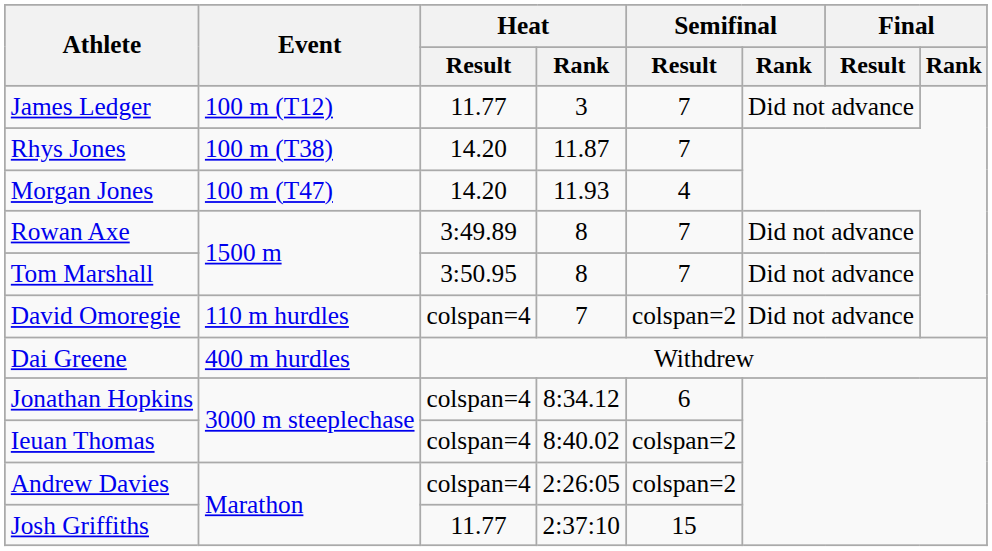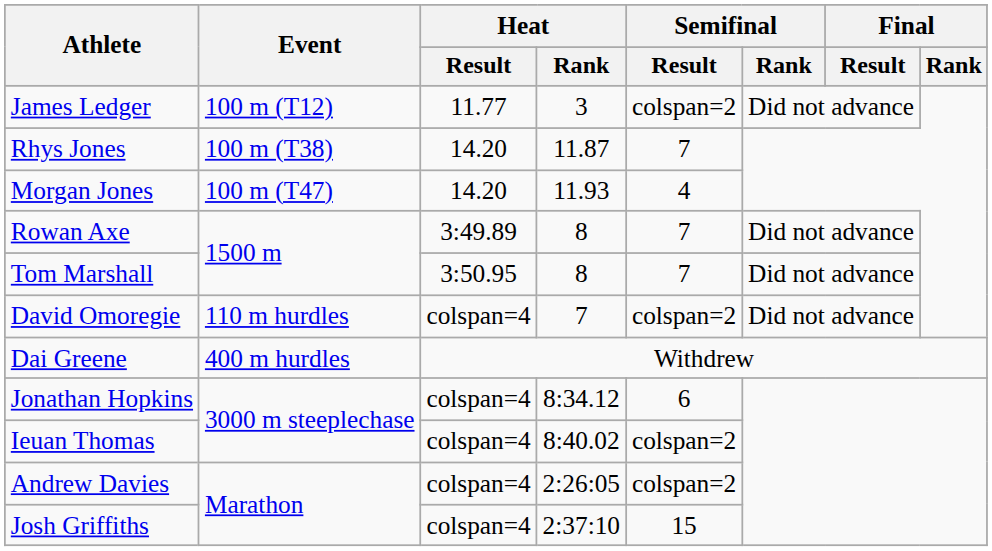 <table class="wikitable" style="font-size:90%">
 <tr>
 <th rowspan=2>Athlete</th>
 <th rowspan=2>Event</th>
 <th colspan=2>Heat</th>
 <th colspan=2>Semifinal</th>
 <th colspan=2>Final</th>
 </tr>
 <tr style="font-size:95%">
 <th>Result</th>
 <th>Rank</th>
 <th>Result</th>
 <th>Rank</th>
 <th>Result</th>
 <th>Rank</th>
 </tr>
 <tr align=center>
 <td align=left><a href='#'>James Ledger</a></td>
 <td align=left><a href='#'>100 m (T12)</a></td>
 <td>11.77</td>
 <td>3</td>
-<td>7</td>
+<td>colspan=2 </td>
 <td colspan=2>Did not advance</td>
 </tr>
 <tr align=center>
 <td align=left><a href='#'>Rhys Jones</a></td>
 <td align=left><a href='#'>100 m (T38)</a></td>
 <td>14.20</td>
 <td>11.87</td>
 <td>7</td>
 </tr>
 <tr align=center>
 <td align=left><a href='#'>Morgan Jones</a></td>
 <td align=left><a href='#'>100 m (T47)</a></td>
 <td>14.20</td>
 <td>11.93</td>
 <td>4</td>
 </tr>
 <tr align=center>
 <td align=left><a href='#'>Rowan Axe</a></td>
 <td align=left rowspan=2><a href='#'>1500 m</a></td>
 <td>3:49.89</td>
 <td>8</td>
 <td>7</td>
 <td colspan=2>Did not advance</td>
 </tr>
 <tr align=center>
 <td align=left><a href='#'>Tom Marshall</a></td>
 <td>3:50.95</td>
 <td>8</td>
 <td>7</td>
 <td colspan=2>Did not advance</td>
 </tr>
 <tr align=center>
 <td align=left><a href='#'>David Omoregie</a></td>
 <td align=left><a href='#'>110 m hurdles</a></td>
 <td>colspan=4 </td>
 <td>7</td>
 <td>colspan=2 </td>
 <td colspan=2>Did not advance</td>
 </tr>
 <tr align=center>
 <td align=left><a href='#'>Dai Greene</a></td>
 <td align=left><a href='#'>400 m hurdles</a></td>
 <td colspan=6>Withdrew</td>
 </tr>
 <tr align=center>
 <td align=left><a href='#'>Jonathan Hopkins</a></td>
 <td align=left rowspan=2><a href='#'>3000 m steeplechase</a></td>
 <td>colspan=4 </td>
 <td>8:34.12</td>
 <td>6</td>
 </tr>
 <tr align=center>
 <td align=left><a href='#'>Ieuan Thomas</a></td>
 <td>colspan=4 </td>
 <td>8:40.02</td>
 <td>colspan=2 </td>
 </tr>
 <tr align=center>
 <td align=left><a href='#'>Andrew Davies</a></td>
 <td align=left rowspan=2><a href='#'>Marathon</a></td>
 <td>colspan=4 </td>
 <td>2:26:05</td>
 <td>colspan=2 </td>
 </tr>
 <tr align=center>
 <td align=left><a href='#'>Josh Griffiths</a></td>
-<td>11.77</td>
+<td>colspan=4 </td>
 <td>2:37:10</td>
 <td>15</td>
 </tr>
 </table>
